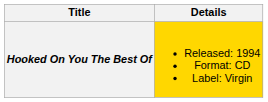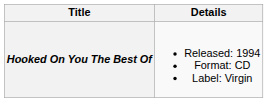 <table class="wikitable plainrowheaders" style="text-align:center;" border="1">
 <tr>
 <th>Title</th>
 <th>Details</th>
 </tr>
 <tr>
 <th scope="row"><em>Hooked On You The Best Of</em></th>
-<td style="background: gold;"><br><ul><li>Released: 1994</li><li>Format: CD</li><li>Label: Virgin</li></ul></td>
+<td><br><ul><li>Released: 1994</li><li>Format: CD</li><li>Label: Virgin</li></ul></td>
 </tr>
 </table>
